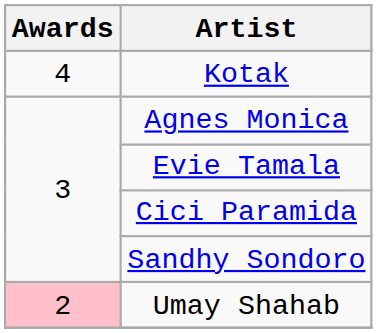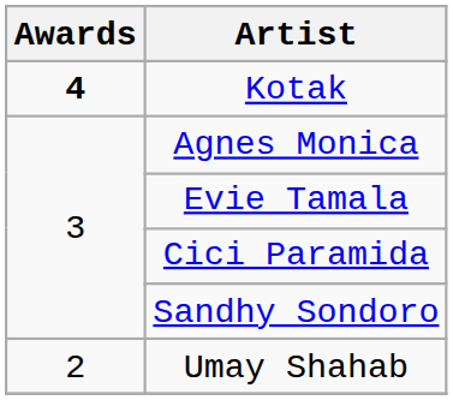 <table class="wikitable" style="text-align: center">
 <tr>
 <th>Awards</th>
 <th>Artist</th>
 </tr>
 <tr>
-<td style="text-align:center">4</td>
+<td style="text-align:center"><strong>4</strong></td>
 <td><a href='#'>Kotak</a></td>
 </tr>
 <tr>
 <td rowspan= "4" style="text-align:center">3</td>
 <td><a href='#'>Agnes Monica</a></td>
 </tr>
 <tr>
 <td><a href='#'>Evie Tamala</a></td>
 </tr>
 <tr>
 <td><a href='#'>Cici Paramida</a></td>
 </tr>
 <tr>
 <td><a href='#'>Sandhy Sondoro</a></td>
 </tr>
 <tr>
-<td style="background: pink; text-align:center">2</td>
+<td style="text-align:center">2</td>
 <td>Umay Shahab</td>
 </tr>
 <tr>
 </tr>
 </table>
